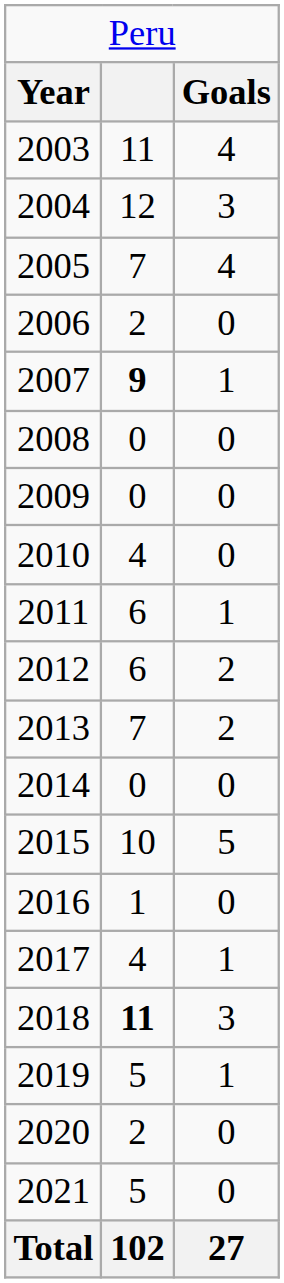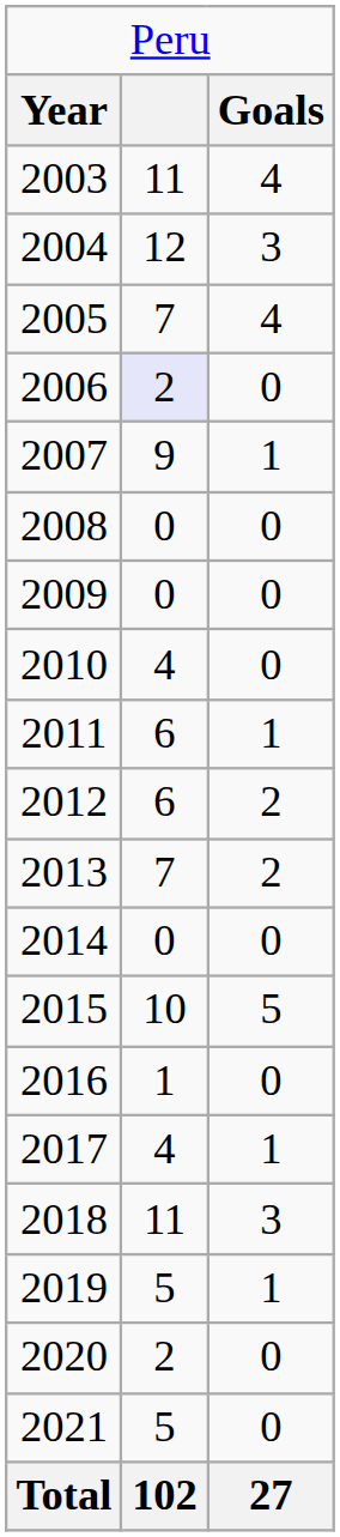 <table class="wikitable" style="text-align:center">
 <tr>
 <td colspan=3><a href='#'>Peru</a></td>
 </tr>
 <tr>
 <th>Year</th>
 <th></th>
 <th>Goals</th>
 </tr>
 <tr>
 <td>2003</td>
 <td>11</td>
 <td>4</td>
 </tr>
 <tr>
 <td>2004</td>
 <td>12</td>
 <td>3</td>
 </tr>
 <tr>
 <td>2005</td>
 <td>7</td>
 <td>4</td>
 </tr>
 <tr>
 <td>2006</td>
-<td>2</td>
+<td style="background: lavender;">2</td>
 <td>0</td>
 </tr>
 <tr>
 <td>2007</td>
-<td><strong>9</strong></td>
+<td>9</td>
 <td>1</td>
 </tr>
 <tr>
 <td>2008</td>
 <td>0</td>
 <td>0</td>
 </tr>
 <tr>
 <td>2009</td>
 <td>0</td>
 <td>0</td>
 </tr>
 <tr>
 <td>2010</td>
 <td>4</td>
 <td>0</td>
 </tr>
 <tr>
 <td>2011</td>
 <td>6</td>
 <td>1</td>
 </tr>
 <tr>
 <td>2012</td>
 <td>6</td>
 <td>2</td>
 </tr>
 <tr>
 <td>2013</td>
 <td>7</td>
 <td>2</td>
 </tr>
 <tr>
 <td>2014</td>
 <td>0</td>
 <td>0</td>
 </tr>
 <tr>
 <td>2015</td>
 <td>10</td>
 <td>5</td>
 </tr>
 <tr>
 <td>2016</td>
 <td>1</td>
 <td>0</td>
 </tr>
 <tr>
 <td>2017</td>
 <td>4</td>
 <td>1</td>
 </tr>
 <tr>
 <td>2018</td>
-<td><strong>11</strong></td>
+<td>11</td>
 <td>3</td>
 </tr>
 <tr>
 <td>2019</td>
 <td>5</td>
 <td>1</td>
 </tr>
 <tr>
 <td>2020</td>
 <td>2</td>
 <td>0</td>
 </tr>
 <tr>
 <td>2021</td>
 <td>5</td>
 <td>0</td>
 </tr>
 <tr>
 <th>Total</th>
 <th>102</th>
 <th>27</th>
 </tr>
 </table>
